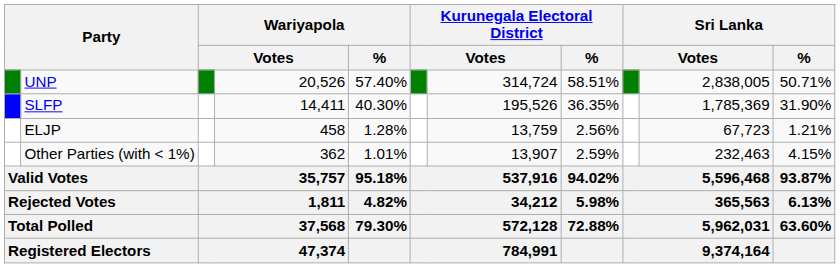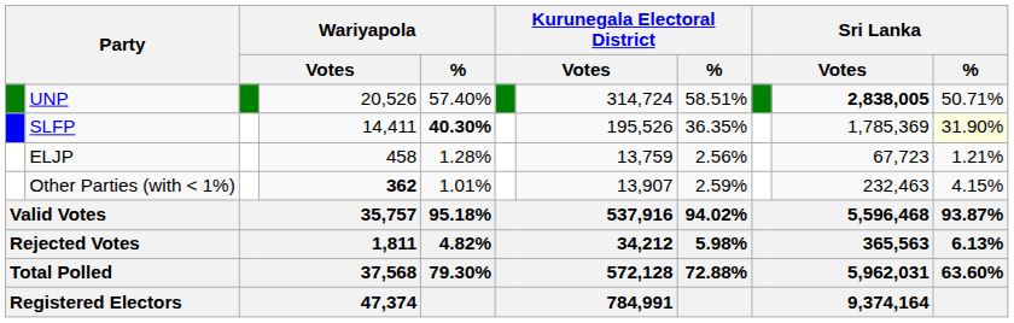 <table class="wikitable">
 <tr>
 <th colspan="2" width="144px"rowspan="2">Party</th>
 <th colspan="3" width="216px">Wariyapola</th>
 <th colspan="3" width="216px"><a href='#'>Kurunegala Electoral District</a></th>
 <th colspan="3" width="216px">Sri Lanka</th>
 </tr>
 <tr>
 <th colspan="2" width="144px">Votes</th>
 <th>%</th>
 <th colspan="2" width="144px">Votes</th>
 <th>%</th>
 <th colspan="2" width="144px">Votes</th>
 <th>%</th>
 </tr>
 <tr>
 <td style="background-color:green;" width="10px"></td>
 <td style="text-align:left;"><a href='#'>UNP</a></td>
 <td style="background-color:green;" width="10px"></td>
 <td style="text-align:right;">20,526</td>
 <td style="text-align:right;">57.40%</td>
 <td style="background-color:green;" width="10px"></td>
 <td style="text-align:right;">314,724</td>
 <td style="text-align:right;">58.51%</td>
 <td style="background-color:green;" width="10px"></td>
-<td style="text-align:right;">2,838,005</td>
+<td style="text-align:right;"><strong>2,838,005</strong></td>
 <td style="text-align:right;">50.71%</td>
 </tr>
 <tr>
 <td style="background-color:blue;" width="10px"></td>
 <td style="text-align:left;"><a href='#'>SLFP</a></td>
 <td style="background-color:white;" width="10px"></td>
 <td style="text-align:right;">14,411</td>
-<td style="text-align:right;">40.30%</td>
+<td style="text-align:right;"><strong>40.30%</strong></td>
 <td style="background-color:white;" width="10px"></td>
 <td style="text-align:right;">195,526</td>
 <td style="text-align:right;">36.35%</td>
 <td style="background-color:white;" width="10px"></td>
 <td style="text-align:right;">1,785,369</td>
-<td style="text-align:right;">31.90%</td>
+<td style="background: lightyellow; text-align:right;">31.90%</td>
 </tr>
 <tr>
 <td style="background-color:white;" width="10px"></td>
 <td style="text-align:left;">ELJP</td>
 <td style="background-color:white;" width="10px"></td>
 <td style="text-align:right;">458</td>
 <td style="text-align:right;">1.28%</td>
 <td style="background-color:white;" width="10px"></td>
 <td style="text-align:right;">13,759</td>
 <td style="text-align:right;">2.56%</td>
 <td style="background-color:white;" width="10px"></td>
 <td style="text-align:right;">67,723</td>
 <td style="text-align:right;">1.21%</td>
 </tr>
 <tr>
 <td style="background-color:white;" width="10px"></td>
 <td style="text-align:left;">Other Parties (with < 1%)</td>
 <td style="background-color:white;" width="10px"></td>
-<td style="text-align:right;">362</td>
+<td style="text-align:right;"><strong>362</strong></td>
 <td style="text-align:right;">1.01%</td>
 <td style="background-color:white;" width="10px"></td>
 <td style="text-align:right;">13,907</td>
 <td style="text-align:right;">2.59%</td>
 <td style="background-color:white;" width="10px"></td>
 <td style="text-align:right;">232,463</td>
 <td style="text-align:right;">4.15%</td>
 </tr>
 <tr>
 <th colspan="2" width="144px"style="text-align:left;">Valid Votes</th>
 <th style="text-align:right;"colspan="2" width="144px">35,757</th>
 <th style="text-align:right;">95.18%</th>
 <th style="text-align:right;"colspan="2" width="144px">537,916</th>
 <th style="text-align:right;">94.02%</th>
 <th style="text-align:right;"colspan="2" width="144px">5,596,468</th>
 <th style="text-align:right;">93.87%</th>
 </tr>
 <tr>
 <th colspan="2" width="144px"style="text-align:left;">Rejected Votes</th>
 <th style="text-align:right;"colspan="2" width="144px">1,811</th>
 <th style="text-align:right;">4.82%</th>
 <th style="text-align:right;"colspan="2" width="144px">34,212</th>
 <th style="text-align:right;">5.98%</th>
 <th style="text-align:right;"colspan="2" width="144px">365,563</th>
 <th style="text-align:right;">6.13%</th>
 </tr>
 <tr>
 <th colspan="2" width="144px"style="text-align:left;">Total Polled</th>
 <th style="text-align:right;"colspan="2" width="144px">37,568</th>
 <th style="text-align:right;">79.30%</th>
 <th style="text-align:right;"colspan="2" width="144px">572,128</th>
 <th style="text-align:right;">72.88%</th>
 <th style="text-align:right;"colspan="2" width="144px">5,962,031</th>
 <th style="text-align:right;">63.60%</th>
 </tr>
 <tr>
 <th colspan="2" width="144px"style="text-align:left;">Registered Electors</th>
 <th style="text-align:right;"colspan="2" width="144px">47,374</th>
 <th></th>
 <th style="text-align:right;"colspan="2" width="144px">784,991</th>
 <th></th>
 <th style="text-align:right;"colspan="2" width="144px">9,374,164</th>
 <th></th>
 </tr>
 </table>
